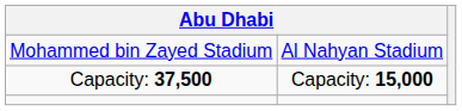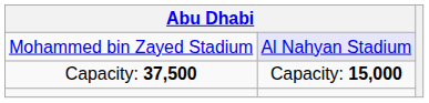 <table class="wikitable" style="text-align:center">
 <tr>
 <th colspan="2"><a href='#'>Abu Dhabi</a></th>
 <th rowspan="4"></th>
 </tr>
 <tr>
 <td><a href='#'>Mohammed bin Zayed Stadium</a></td>
-<td><a href='#'>Al Nahyan Stadium</a></td>
+<td style="background: lavender;"><a href='#'>Al Nahyan Stadium</a></td>
 </tr>
 <tr>
 <td>Capacity: <strong>37,500</strong></td>
 <td>Capacity: <strong>15,000</strong></td>
 </tr>
 <tr>
 <td></td>
 <td></td>
 </tr>
 </table>
